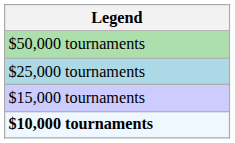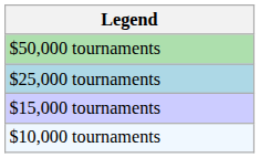 <table class="wikitable" style="font-size:85%;" width=15%>
 <tr>
 <th>Legend</th>
 </tr>
 <tr style="background:#addfad;">
 <td>$50,000 tournaments</td>
 </tr>
 <tr style="background:lightblue;">
 <td>$25,000 tournaments</td>
 </tr>
 <tr style="background:#ccccff;">
 <td>$15,000 tournaments</td>
 </tr>
 <tr style="background:#f0f8ff;">
-<td><strong>$10,000 tournaments</strong></td>
+<td>$10,000 tournaments</td>
 </tr>
 </table>
